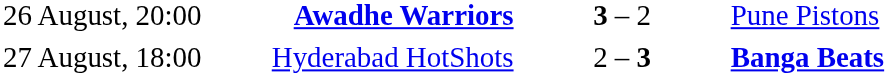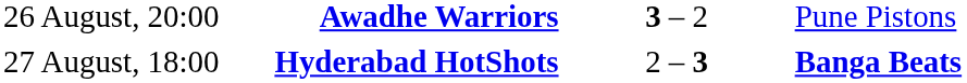 <table style="font-size:90%">
 <tr>
 <td width=100>26 August, 20:00</td>
 <td width=150 align=right><strong><a href='#'>Awadhe Warriors</a></strong></td>
 <td width=100 align=center><strong>3</strong> – 2</td>
 <td width=150><a href='#'>Pune Pistons</a></td>
 </tr>
 <tr>
 <td width=100>27 August, 18:00</td>
-<td width=150 align=right><a href='#'>Hyderabad HotShots</a> </td>
+<td width=150 align=right><strong><a href='#'>Hyderabad HotShots</a> </strong></td>
 <td width=100 align=center>2 – <strong>3</strong></td>
 <td width=150><strong><a href='#'>Banga Beats</a></strong></td>
 </tr>
 </table>
